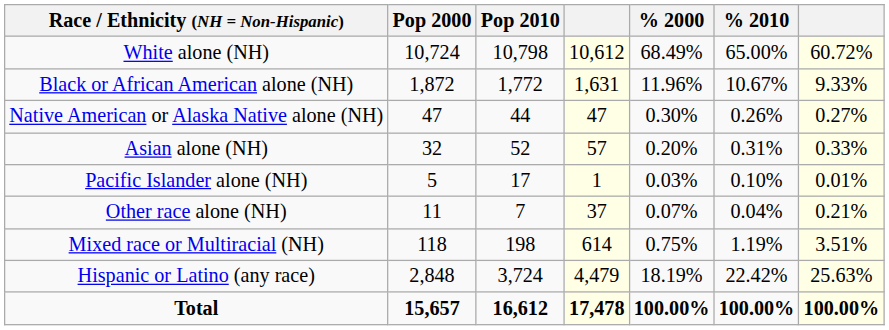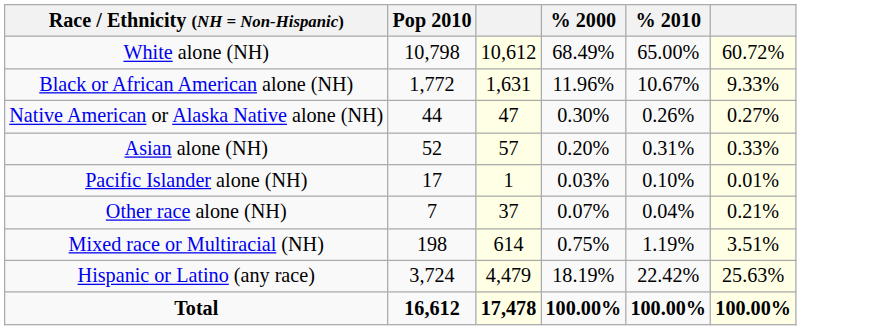 <table class="wikitable" style="text-align:center;">
 <tr>
 <th>Race / Ethnicity <small>(<em>NH = Non-Hispanic</em>)</small></th>
-<th>Pop 2000</th>
 <th>Pop 2010</th>
 <th></th>
 <th>% 2000</th>
 <th>% 2010</th>
 <th></th>
 </tr>
 <tr>
 <td><a href='#'>White</a> alone (NH)</td>
-<td>10,724</td>
 <td>10,798</td>
 <td style='background: #ffffe6;'>10,612</td>
 <td>68.49%</td>
 <td>65.00%</td>
 <td style='background: #ffffe6;'>60.72%</td>
 </tr>
 <tr>
 <td><a href='#'>Black or African American</a> alone (NH)</td>
-<td>1,872</td>
 <td>1,772</td>
 <td style='background: #ffffe6;'>1,631</td>
 <td>11.96%</td>
 <td>10.67%</td>
 <td style='background: #ffffe6;'>9.33%</td>
 </tr>
 <tr>
 <td><a href='#'>Native American</a> or <a href='#'>Alaska Native</a> alone (NH)</td>
-<td>47</td>
 <td>44</td>
 <td style='background: #ffffe6;'>47</td>
 <td>0.30%</td>
 <td>0.26%</td>
 <td style='background: #ffffe6;'>0.27%</td>
 </tr>
 <tr>
 <td><a href='#'>Asian</a> alone (NH)</td>
-<td>32</td>
 <td>52</td>
 <td style='background: #ffffe6;'>57</td>
 <td>0.20%</td>
 <td>0.31%</td>
 <td style='background: #ffffe6;'>0.33%</td>
 </tr>
 <tr>
 <td><a href='#'>Pacific Islander</a> alone (NH)</td>
-<td>5</td>
 <td>17</td>
 <td style='background: #ffffe6;'>1</td>
 <td>0.03%</td>
 <td>0.10%</td>
 <td style='background: #ffffe6;'>0.01%</td>
 </tr>
 <tr>
 <td><a href='#'>Other race</a> alone (NH)</td>
-<td>11</td>
 <td>7</td>
 <td style='background: #ffffe6;'>37</td>
 <td>0.07%</td>
 <td>0.04%</td>
 <td style='background: #ffffe6;'>0.21%</td>
 </tr>
 <tr>
 <td><a href='#'>Mixed race or Multiracial</a> (NH)</td>
-<td>118</td>
 <td>198</td>
 <td style='background: #ffffe6;'>614</td>
 <td>0.75%</td>
 <td>1.19%</td>
 <td style='background: #ffffe6;'>3.51%</td>
 </tr>
 <tr>
 <td><a href='#'>Hispanic or Latino</a> (any race)</td>
-<td>2,848</td>
 <td>3,724</td>
 <td style='background: #ffffe6;'>4,479</td>
 <td>18.19%</td>
 <td>22.42%</td>
 <td style='background: #ffffe6;'>25.63%</td>
 </tr>
 <tr>
 <td><strong>Total</strong></td>
-<td><strong>15,657</strong></td>
 <td><strong>16,612</strong></td>
 <td style='background: #ffffe6;'><strong>17,478</strong></td>
 <td><strong>100.00%</strong></td>
 <td><strong>100.00%</strong></td>
 <td style='background: #ffffe6;'><strong>100.00%</strong></td>
 </tr>
 </table>
